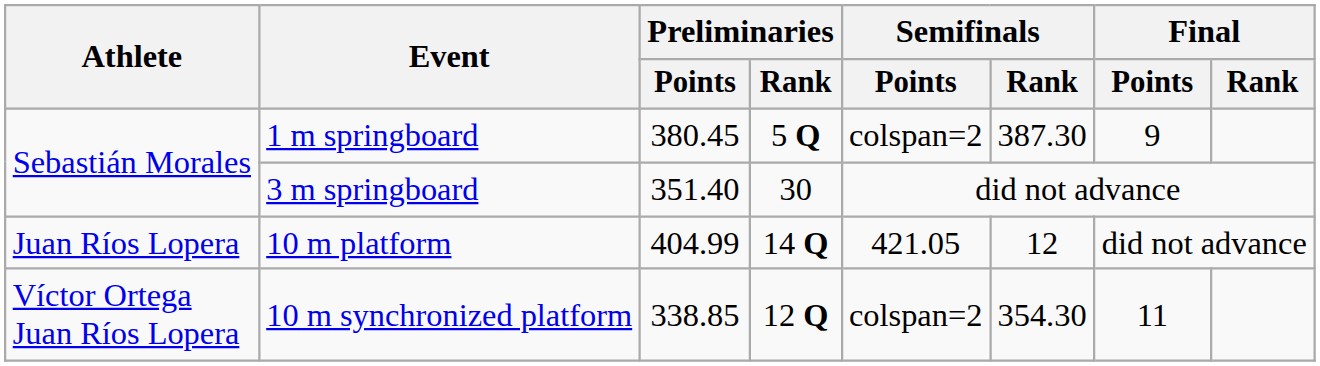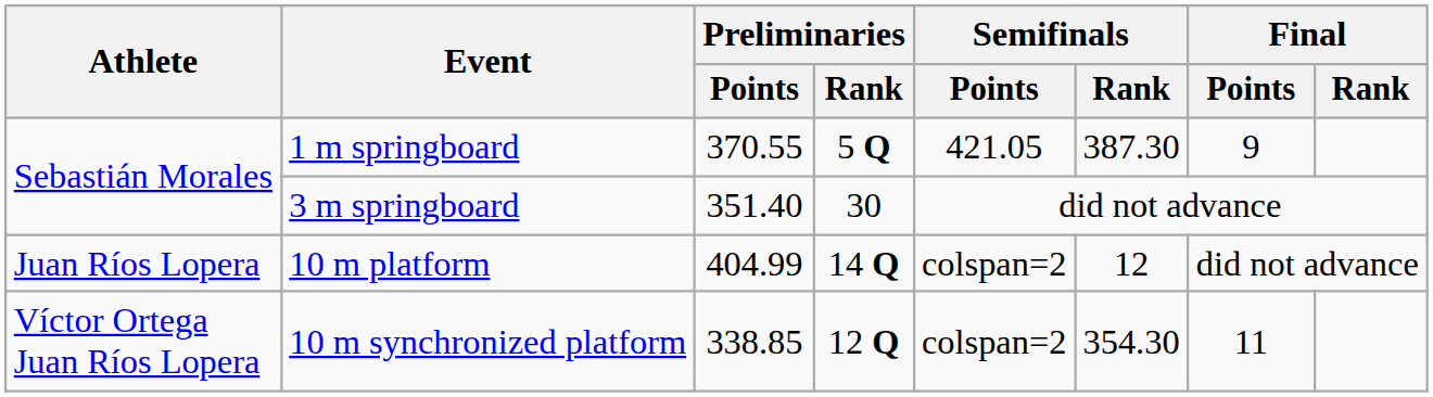 <table class=wikitable style="font-size:90%;">
 <tr>
 <th rowspan="2">Athlete</th>
 <th rowspan="2">Event</th>
 <th colspan="2">Preliminaries</th>
 <th colspan="2">Semifinals</th>
 <th colspan="2">Final</th>
 </tr>
 <tr style="font-size:95%">
 <th>Points</th>
 <th>Rank</th>
 <th>Points</th>
 <th>Rank</th>
 <th>Points</th>
 <th>Rank</th>
 </tr>
 <tr align=center>
 <td align=left rowspan=2><a href='#'>Sebastián Morales</a></td>
 <td align=left><a href='#'>1 m springboard</a></td>
-<td>380.45</td>
+<td>370.55</td>
 <td>5 <strong>Q</strong></td>
-<td>colspan=2 </td>
+<td>421.05</td>
 <td>387.30</td>
 <td>9</td>
 </tr>
 <tr align=center>
 <td align=left><a href='#'>3 m springboard</a></td>
 <td>351.40</td>
 <td>30</td>
 <td colspan=4>did not advance</td>
 </tr>
 <tr align=center>
 <td align=left><a href='#'>Juan Ríos Lopera</a></td>
 <td align=left><a href='#'>10 m platform</a></td>
 <td>404.99</td>
 <td>14 <strong>Q</strong></td>
-<td>421.05</td>
+<td>colspan=2 </td>
 <td>12</td>
 <td colspan=2>did not advance</td>
 </tr>
 <tr align=center>
 <td align=left><a href='#'>Víctor Ortega</a><br><a href='#'>Juan Ríos Lopera</a></td>
 <td align=left><a href='#'>10 m synchronized platform</a></td>
 <td>338.85</td>
 <td>12 <strong>Q</strong></td>
 <td>colspan=2 </td>
 <td>354.30</td>
 <td>11</td>
 </tr>
 </table>
